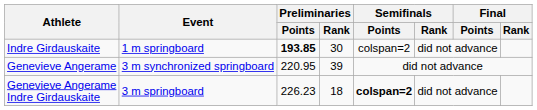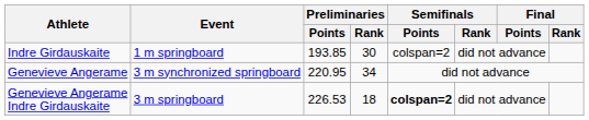 <table class=wikitable style="font-size:90%;">
 <tr>
 <th rowspan="2">Athlete</th>
 <th rowspan="2">Event</th>
 <th colspan="2">Preliminaries</th>
 <th colspan="2">Semifinals</th>
 <th colspan="2">Final</th>
 </tr>
 <tr style="font-size:95%">
 <th>Points</th>
 <th>Rank</th>
 <th>Points</th>
 <th>Rank</th>
 <th>Points</th>
 <th>Rank</th>
 </tr>
 <tr align=center>
 <td align=left><a href='#'>Indre Girdauskaite</a></td>
 <td align=left><a href='#'>1 m springboard</a></td>
-<td><strong>193.85</strong></td>
+<td>193.85</td>
 <td>30</td>
 <td>colspan=2 </td>
 <td colspan=2>did not advance</td>
 </tr>
 <tr align=center>
 <td align=left><a href='#'>Genevieve Angerame</a></td>
 <td align=left><a href='#'>3 m synchronized springboard</a></td>
 <td>220.95</td>
-<td>39</td>
+<td>34</td>
 <td colspan=4>did not advance</td>
 </tr>
 <tr align=center>
 <td align=left><a href='#'>Genevieve Angerame</a><br><a href='#'>Indre Girdauskaite</a></td>
 <td align=left><a href='#'>3 m springboard</a></td>
-<td>226.23</td>
+<td>226.53</td>
 <td>18</td>
 <td><strong>colspan=2 </strong></td>
 <td colspan=2>did not advance</td>
 </tr>
 </table>
